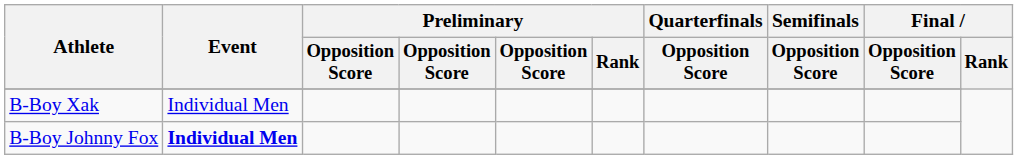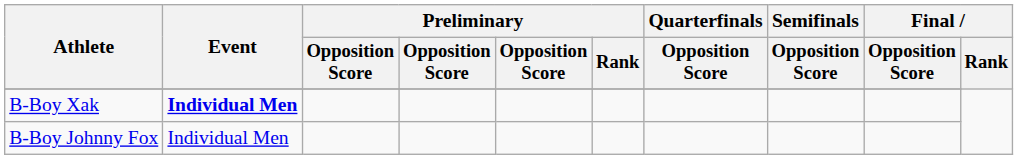 <table class="wikitable" style="text-align:center;font-size:90%">
 <tr>
 <th rowspan=2>Athlete</th>
 <th rowspan=2>Event</th>
 <th colspan=4>Preliminary</th>
 <th>Quarterfinals</th>
 <th>Semifinals</th>
 <th colspan=2>Final / </th>
 </tr>
 <tr style="font-size:95%">
 <th>Opposition<br>Score</th>
 <th>Opposition<br>Score</th>
 <th>Opposition<br>Score</th>
 <th>Rank</th>
 <th>Opposition<br>Score</th>
 <th>Opposition<br>Score</th>
 <th>Opposition<br>Score</th>
 <th>Rank</th>
 </tr>
 <tr>
 </tr>
 <tr align=center>
 <td align=left><a href='#'>B-Boy Xak</a></td>
-<td align=left><a href='#'>Individual Men</a></td>
+<td align=left><strong><a href='#'>Individual Men</a></strong></td>
 <td></td>
 <td></td>
 <td></td>
 <td></td>
 <td></td>
 <td></td>
 <td></td>
 </tr>
 <tr align=center>
 <td align=left><a href='#'>B-Boy Johnny Fox</a></td>
-<td align=left><strong><a href='#'>Individual Men</a></strong></td>
+<td align=left><a href='#'>Individual Men</a></td>
 <td></td>
 <td></td>
 <td></td>
 <td></td>
 <td></td>
 <td></td>
 <td></td>
 </tr>
 </table>
